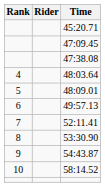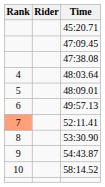 <table class="wikitable sortable" style="text-align: center">
 <tr>
 <th>Rank</th>
 <th>Rider</th>
 <th>Time</th>
 </tr>
 <tr>
 <td></td>
 <td align="left"></td>
 <td>45:20.71</td>
 </tr>
 <tr>
 <td></td>
 <td align="left"></td>
 <td>47:09.45</td>
 </tr>
 <tr>
 <td></td>
 <td align="left"></td>
 <td>47:38.08</td>
 </tr>
 <tr>
 <td>4</td>
 <td align="left"></td>
 <td>48:03.64</td>
 </tr>
 <tr>
 <td>5</td>
 <td align="left"></td>
 <td>48:09.01</td>
 </tr>
 <tr>
 <td>6</td>
 <td align="left"></td>
 <td>49:57.13</td>
 </tr>
 <tr>
-<td>7</td>
+<td style="background: lightsalmon;">7</td>
 <td align="left"></td>
 <td>52:11.41</td>
 </tr>
 <tr>
 <td>8</td>
 <td align="left"></td>
 <td>53:30.90</td>
 </tr>
 <tr>
 <td>9</td>
 <td align="left"></td>
 <td>54:43.87</td>
 </tr>
 <tr>
 <td>10</td>
 <td align="left"></td>
 <td>58:14.52</td>
 </tr>
 <tr>
 <td></td>
 <td align="left"></td>
 <td colspan=2></td>
 </tr>
 </table>
